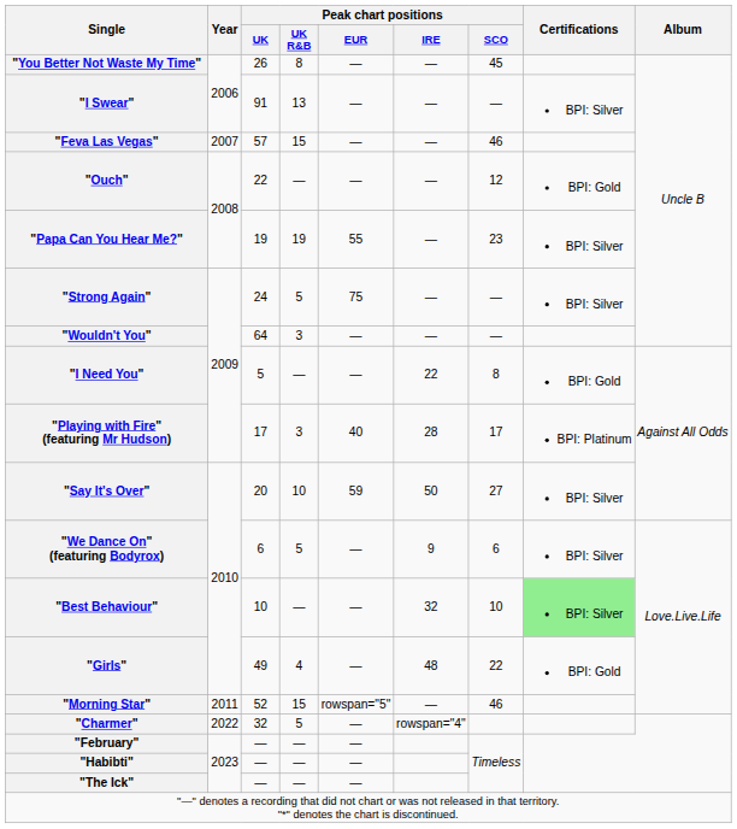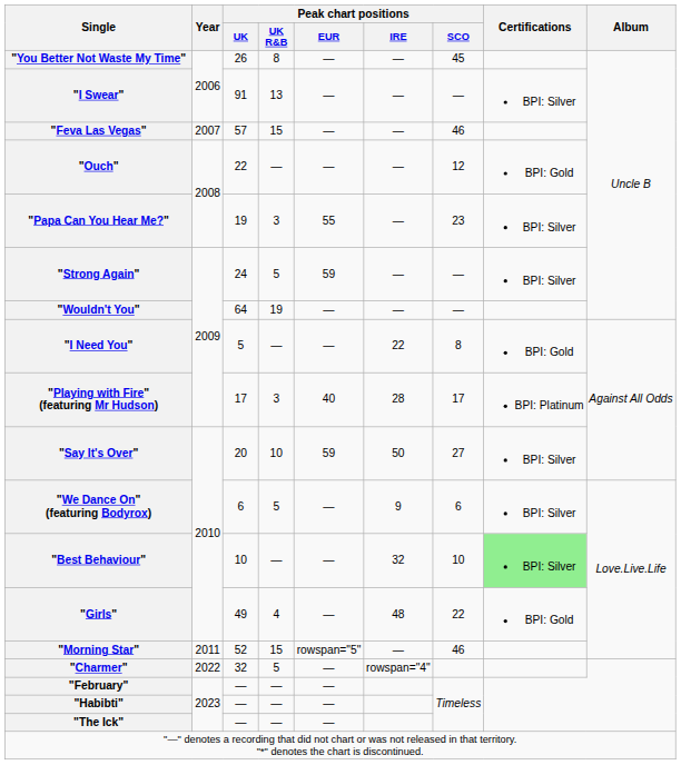 <table class="wikitable plainrowheaders" style="text-align:center;" border="1">
 <tr>
 <th scope="colw" rowspan="2" style="width:16em;">Single</th>
 <th scope="col" rowspan="2">Year</th>
 <th scope="col" colspan="5">Peak chart positions</th>
 <th scope="col" rowspan="2">Certifications</th>
 <th scope="col" rowspan="2">Album</th>
 </tr>
 <tr>
 <th scope="col" style="width:3em;font-size:90%;"><a href='#'>UK</a><br></th>
 <th scope="col" style="width:3em;font-size:90%;"><a href='#'>UK<br>R&B</a><br></th>
 <th scope="col" style="width:3em;font-size:90%;"><a href='#'>EUR</a><br></th>
 <th scope="col" style="width:3em;font-size:90%;"><a href='#'>IRE</a><br></th>
 <th scope="col" style="width:3em;font-size:90%;"><a href='#'>SCO</a><br></th>
 </tr>
 <tr>
 <th scope="row">"<a href='#'>You Better Not Waste My Time</a>"</th>
 <td rowspan="2">2006</td>
 <td>26</td>
 <td>8</td>
 <td>—</td>
 <td>—</td>
 <td>45</td>
 <td></td>
 <td rowspan="7"><em>Uncle B</em></td>
 </tr>
 <tr>
 <th scope="row">"<a href='#'>I Swear</a>"</th>
 <td>91</td>
 <td>13</td>
 <td>—</td>
 <td>—</td>
 <td>—</td>
 <td><br><ul><li>BPI: Silver</li></ul></td>
 </tr>
 <tr>
 <th scope="row">"<a href='#'>Feva Las Vegas</a>"</th>
 <td>2007</td>
 <td>57</td>
 <td>15</td>
 <td>—</td>
 <td>—</td>
 <td>46</td>
 <td></td>
 </tr>
 <tr>
 <th scope="row">"<a href='#'>Ouch</a>"</th>
 <td rowspan="2">2008</td>
 <td>22</td>
 <td>—</td>
 <td>—</td>
 <td>—</td>
 <td>12</td>
 <td><br><ul><li>BPI: Gold</li></ul></td>
 </tr>
 <tr>
 <th scope="row">"<a href='#'>Papa Can You Hear Me?</a>"</th>
 <td>19</td>
-<td>19</td>
+<td>3</td>
 <td>55</td>
 <td>—</td>
 <td>23</td>
 <td><br><ul><li>BPI: Silver</li></ul></td>
 </tr>
 <tr>
 <th scope="row">"<a href='#'>Strong Again</a>"</th>
 <td rowspan="4">2009</td>
 <td>24</td>
 <td>5</td>
-<td>75</td>
+<td>59</td>
 <td>—</td>
 <td>—</td>
 <td><br><ul><li>BPI: Silver</li></ul></td>
 </tr>
 <tr>
 <th scope="row">"<a href='#'>Wouldn't You</a>"</th>
 <td>64</td>
-<td>3</td>
+<td>19</td>
 <td>—</td>
 <td>—</td>
 <td>—</td>
 <td></td>
 </tr>
 <tr>
 <th scope="row">"<a href='#'>I Need You</a>"</th>
 <td>5</td>
 <td>—</td>
 <td>—</td>
 <td>22</td>
 <td>8</td>
 <td><br><ul><li>BPI: Gold</li></ul></td>
 <td rowspan="3"><em>Against All Odds</em></td>
 </tr>
 <tr>
 <th scope="row">"<a href='#'>Playing with Fire</a>"<br><span>(featuring <a href='#'>Mr Hudson</a>)</span></th>
 <td>17</td>
 <td>3</td>
 <td>40</td>
 <td>28</td>
 <td>17</td>
 <td><br><ul><li>BPI: Platinum</li></ul></td>
 </tr>
 <tr>
 <th scope="row">"<a href='#'>Say It's Over</a>"</th>
 <td rowspan="4">2010</td>
 <td>20</td>
 <td>10</td>
 <td>59</td>
 <td>50</td>
 <td>27</td>
 <td><br><ul><li>BPI: Silver</li></ul></td>
 </tr>
 <tr>
 <th scope="row">"<a href='#'>We Dance On</a>"<br><span>(featuring <a href='#'>Bodyrox</a>)</span></th>
 <td>6</td>
 <td>5</td>
 <td>—</td>
 <td>9</td>
 <td>6</td>
 <td><br><ul><li>BPI: Silver</li></ul></td>
 <td rowspan="4"><em>Love.Live.Life</em></td>
 </tr>
 <tr>
 <th scope="row">"<a href='#'>Best Behaviour</a>"</th>
 <td>10</td>
 <td>—</td>
 <td>—</td>
 <td>32</td>
 <td>10</td>
 <td style="background: lightgreen;"><br><ul><li>BPI: Silver</li></ul></td>
 </tr>
 <tr>
 <th scope="row">"<a href='#'>Girls</a>"</th>
 <td>49</td>
 <td>4</td>
 <td>—</td>
 <td>48</td>
 <td>22</td>
 <td><br><ul><li>BPI: Gold</li></ul></td>
 </tr>
 <tr>
 <th scope="row">"<a href='#'>Morning Star</a>"</th>
 <td rowspan="1">2011</td>
 <td>52</td>
 <td>15</td>
 <td>rowspan="5" </td>
 <td>—</td>
 <td>46</td>
 <td></td>
 </tr>
 <tr>
 <th scope="row">"<a href='#'>Charmer</a>"</th>
 <td rowspan="1">2022</td>
 <td>32</td>
 <td>5</td>
 <td>—</td>
 <td>rowspan="4" </td>
 <td></td>
 <td></td>
 </tr>
 <tr>
 <th scope="row">"February"</th>
 <td rowspan="3">2023</td>
 <td>—</td>
 <td>—</td>
 <td>—</td>
 <td></td>
 <td rowspan="3"><em>Timeless</em></td>
 </tr>
 <tr>
 <th scope="row">"Habibti"</th>
 <td>—</td>
 <td>—</td>
 <td>—</td>
 <td></td>
 </tr>
 <tr>
 <th scope="row">"The Ick"</th>
 <td>—</td>
 <td>—</td>
 <td>—</td>
 <td></td>
 </tr>
 <tr>
 <td colspan="13" style="font-size:90%">"—" denotes a recording that did not chart or was not released in that territory.<br>"*" denotes the chart is discontinued.</td>
 </tr>
 </table>
